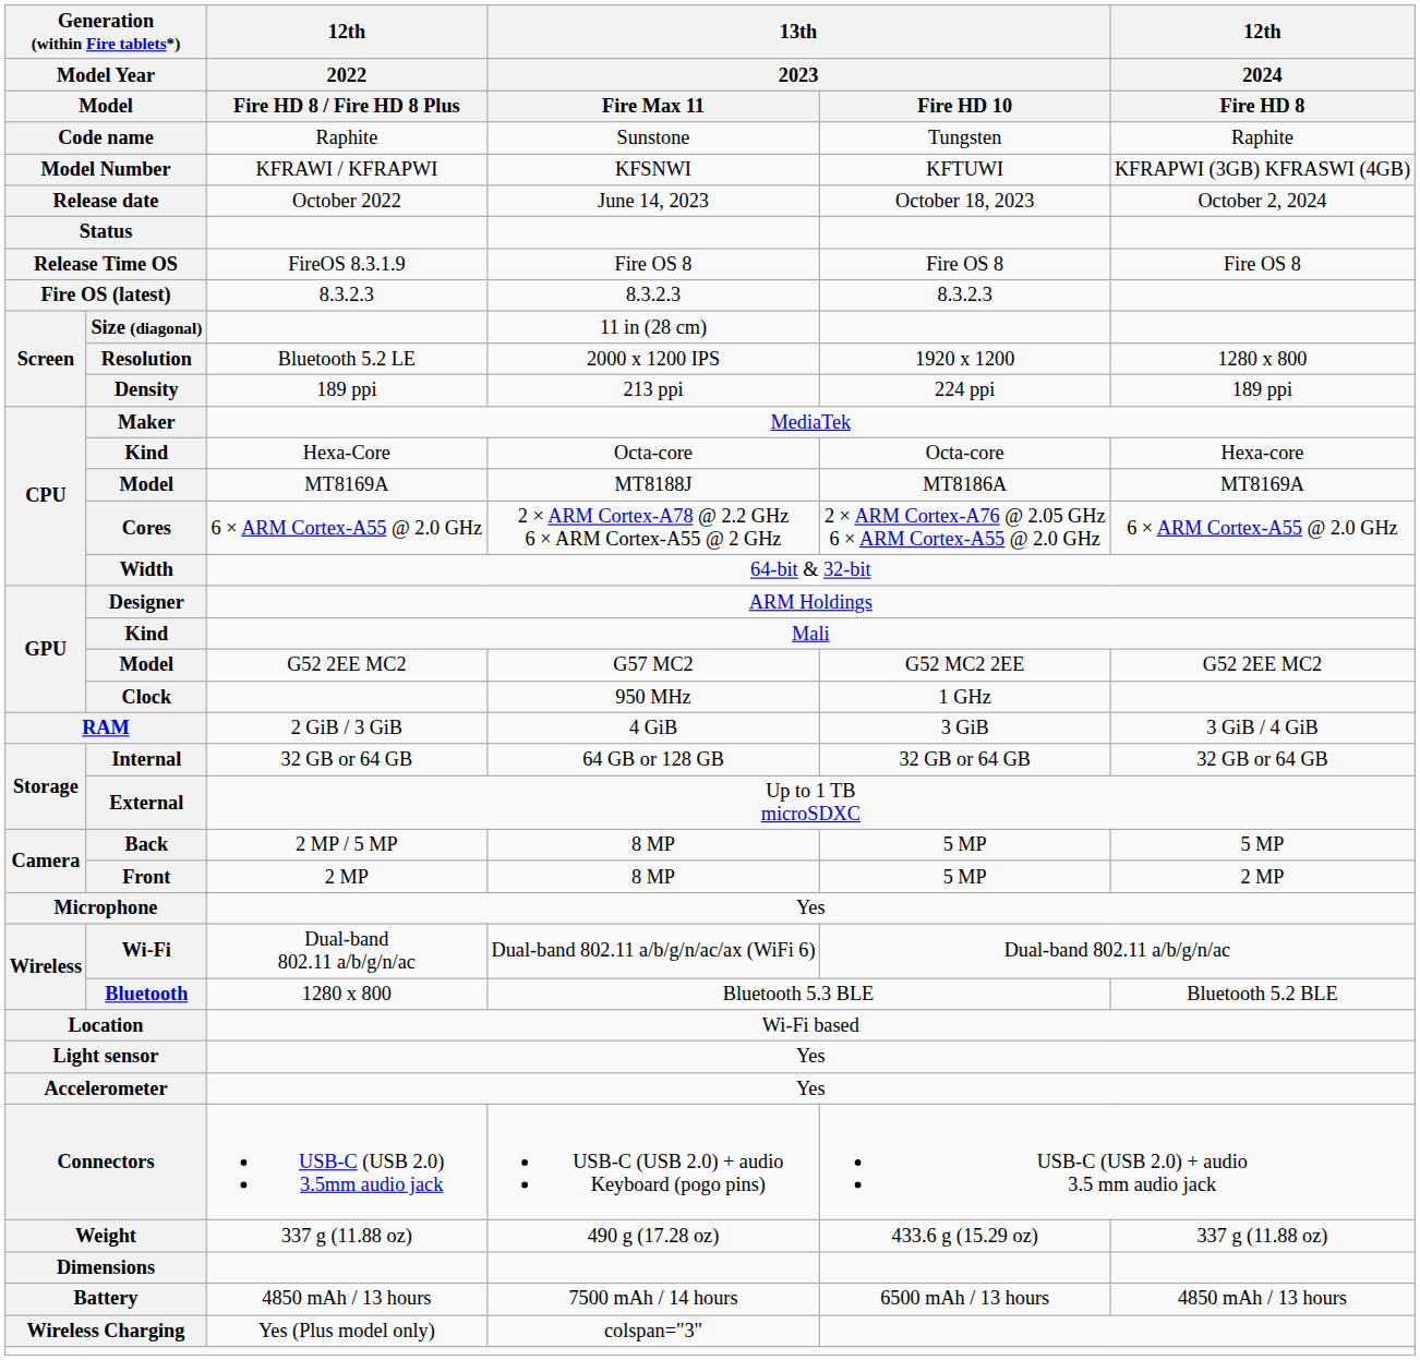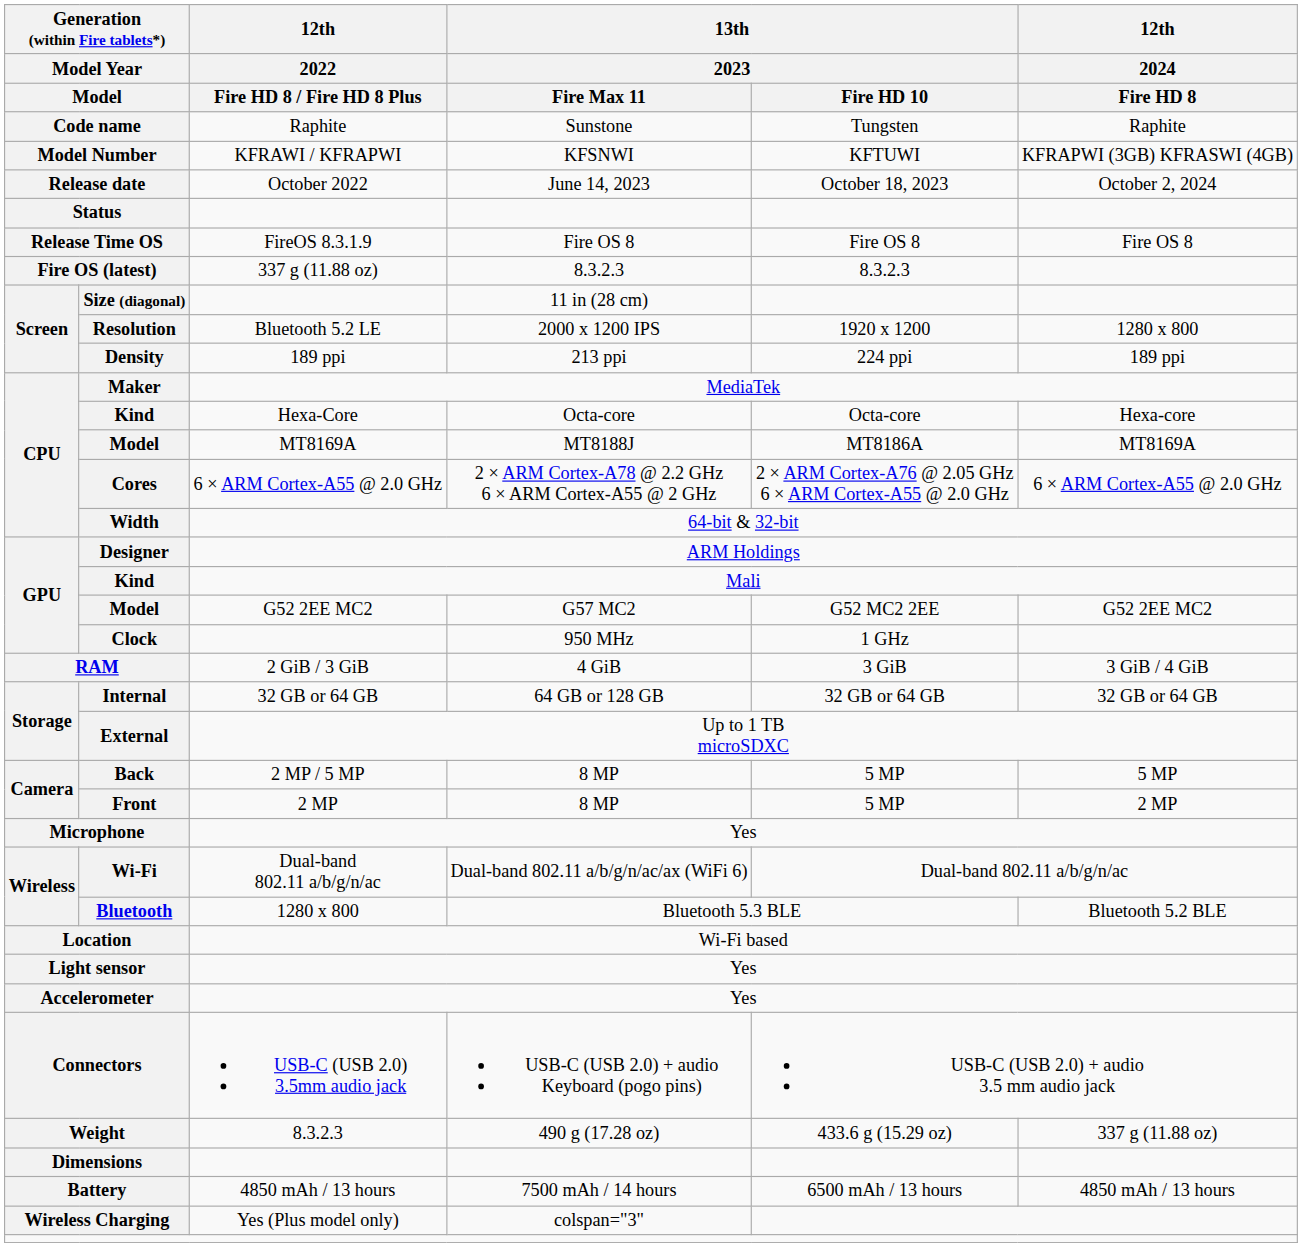 <table class="wikitable mw-collapsible" style="text-align:center;">
 <tr>
 <th colspan="2">Generation<br><small>(within <a href='#'>Fire tablets</a>*)</small></th>
 <th>12th</th>
 <th Colspan="2">13th</th>
 <th>12th</th>
 </tr>
 <tr>
 <th colspan="2">Model Year</th>
 <th>2022</th>
 <th Colspan="2">2023</th>
 <th>2024</th>
 </tr>
 <tr>
 <th colspan="2">Model</th>
 <th>Fire HD 8 / Fire HD 8 Plus</th>
 <th>Fire Max 11</th>
 <th>Fire HD 10</th>
 <th>Fire HD 8</th>
 </tr>
 <tr>
 <th colspan="2">Code name</th>
 <td>Raphite</td>
 <td>Sunstone</td>
 <td>Tungsten</td>
 <td>Raphite</td>
 </tr>
 <tr>
 <th colspan="2">Model Number</th>
 <td>KFRAWI / KFRAPWI</td>
 <td>KFSNWI</td>
 <td>KFTUWI</td>
 <td>KFRAPWI (3GB) KFRASWI (4GB)</td>
 </tr>
 <tr>
 <th colspan="2">Release date</th>
 <td>October 2022</td>
 <td>June 14, 2023</td>
 <td>October 18, 2023</td>
 <td>October 2, 2024</td>
 </tr>
 <tr>
 <th colspan="2">Status</th>
 <td></td>
 <td></td>
 <td></td>
 <td></td>
 </tr>
 <tr>
 <th colspan="2">Release Time OS</th>
 <td>FireOS 8.3.1.9</td>
 <td>Fire OS 8</td>
 <td>Fire OS 8</td>
 <td>Fire OS 8</td>
 </tr>
 <tr>
 <th colspan="2">Fire OS (latest)</th>
-<td>8.3.2.3</td>
+<td>337 g (11.88 oz)</td>
 <td>8.3.2.3</td>
 <td>8.3.2.3</td>
 <td></td>
 </tr>
 <tr>
 <th rowspan="3">Screen</th>
 <th colspan="1">Size <small>(diagonal)</small></th>
 <td></td>
 <td>11 in (28 cm)</td>
 <td></td>
 <td></td>
 </tr>
 <tr>
 <th colspan="1">Resolution</th>
 <td>Bluetooth 5.2 LE</td>
 <td>2000 x 1200 IPS</td>
 <td>1920 x 1200</td>
 <td>1280 x 800</td>
 </tr>
 <tr>
 <th colspan="1">Density</th>
 <td>189 ppi</td>
 <td>213 ppi</td>
 <td>224 ppi</td>
 <td>189 ppi</td>
 </tr>
 <tr>
 <th colspan="1" rowspan="5">CPU</th>
 <th colspan="1">Maker</th>
 <td colspan="4"><a href='#'>MediaTek</a></td>
 </tr>
 <tr>
 <th colspan="1">Kind</th>
 <td>Hexa-Core</td>
 <td>Octa-core</td>
 <td>Octa-core</td>
 <td>Hexa-core</td>
 </tr>
 <tr>
 <th colspan="1">Model</th>
 <td>MT8169A</td>
 <td>MT8188J</td>
 <td>MT8186A</td>
 <td>MT8169A</td>
 </tr>
 <tr>
 <th colspan="1">Cores</th>
 <td>6 × <a href='#'>ARM Cortex-A55</a> @ 2.0 GHz</td>
 <td>2 × <a href='#'>ARM Cortex-A78</a> @ 2.2 GHz<br>6 × ARM Cortex-A55 @ 2 GHz</td>
 <td>2 × <a href='#'>ARM Cortex-A76</a> @ 2.05 GHz<br>6 × <a href='#'>ARM Cortex-A55</a> @ 2.0 GHz</td>
 <td>6 × <a href='#'>ARM Cortex-A55</a> @ 2.0 GHz</td>
 </tr>
 <tr>
 <th colspan="1">Width</th>
 <td colspan="4"><a href='#'>64-bit</a> & <a href='#'>32-bit</a></td>
 </tr>
 <tr>
 <th colspan="1" rowspan="4">GPU</th>
 <th colspan="1">Designer</th>
 <td colspan="4"><a href='#'>ARM Holdings</a></td>
 </tr>
 <tr>
 <th colspan="1">Kind</th>
 <td colspan="5"><a href='#'>Mali</a></td>
 </tr>
 <tr>
 <th colspan="1">Model</th>
 <td>G52 2EE MC2</td>
 <td>G57 MC2</td>
 <td>G52 MC2 2EE</td>
 <td>G52 2EE MC2</td>
 </tr>
 <tr>
 <th colspan="1">Clock</th>
 <td></td>
 <td>950 MHz</td>
 <td>1 GHz</td>
 <td></td>
 </tr>
 <tr>
 <th colspan="2"><a href='#'>RAM</a></th>
 <td>2 GiB / 3 GiB</td>
 <td>4 GiB</td>
 <td>3 GiB</td>
 <td>3 GiB / 4 GiB</td>
 </tr>
 <tr>
 <th rowspan="2">Storage</th>
 <th rowspan="1">Internal</th>
 <td>32 GB or 64 GB</td>
 <td>64 GB or 128 GB</td>
 <td>32 GB or 64 GB</td>
 <td>32 GB or 64 GB</td>
 </tr>
 <tr>
 <th colspan="1">External</th>
 <td colspan="4">Up to 1 TB<br><a href='#'>microSDXC</a></td>
 </tr>
 <tr>
 <th colspan="1" rowspan="2">Camera</th>
 <th colspan="1">Back</th>
 <td>2 MP / 5 MP</td>
 <td>8 MP</td>
 <td>5 MP</td>
 <td>5 MP</td>
 </tr>
 <tr>
 <th colspan="1">Front</th>
 <td>2 MP</td>
 <td>8 MP</td>
 <td>5 MP</td>
 <td>2 MP</td>
 </tr>
 <tr>
 <th colspan="2">Microphone</th>
 <td colspan="4">Yes</td>
 </tr>
 <tr>
 <th colspan="1" rowspan="2">Wireless</th>
 <th>Wi-Fi</th>
 <td>Dual-band<br>802.11 a/b/g/n/ac</td>
 <td>Dual-band 802.11 a/b/g/n/ac/ax (WiFi 6)</td>
 <td colspan="2">Dual-band 802.11 a/b/g/n/ac</td>
 </tr>
 <tr>
 <th colspan="1"><a href='#'>Bluetooth</a></th>
 <td>1280 x 800</td>
 <td colspan="2">Bluetooth 5.3 BLE</td>
 <td>Bluetooth 5.2 BLE</td>
 </tr>
 <tr>
 <th colspan="2" rowspan="1">Location</th>
 <td colspan="4">Wi-Fi based</td>
 </tr>
 <tr>
 <th colspan="2">Light sensor</th>
 <td colspan="4">Yes</td>
 </tr>
 <tr>
 <th colspan="2">Accelerometer</th>
 <td colspan="4">Yes</td>
 </tr>
 <tr>
 <th colspan="2">Connectors</th>
 <td><br><ul><li><a href='#'>USB-C</a> (USB 2.0)</li><li><a href='#'>3.5mm audio jack</a></li></ul></td>
 <td><br><ul><li>USB-C (USB 2.0) + audio</li><li>Keyboard (pogo pins)</li></ul></td>
 <td colspan="2"><br><ul><li>USB-C (USB 2.0) + audio</li><li>3.5 mm audio jack</li></ul></td>
 </tr>
 <tr>
 <th colspan="2" rowspan="1">Weight</th>
-<td>337 g (11.88 oz)</td>
+<td>8.3.2.3</td>
 <td>490 g (17.28 oz)</td>
 <td>433.6 g (15.29 oz)</td>
 <td>337 g (11.88 oz)</td>
 </tr>
 <tr>
 <th colspan="2">Dimensions</th>
 <td></td>
 <td></td>
 <td></td>
 <td></td>
 </tr>
 <tr>
 <th colspan="2">Battery</th>
 <td>4850 mAh / 13 hours</td>
 <td>7500 mAh / 14 hours</td>
 <td>6500 mAh / 13 hours</td>
 <td>4850 mAh / 13 hours</td>
 </tr>
 <tr>
 <th colspan="2">Wireless Charging</th>
 <td>Yes (Plus model only)</td>
 <td>colspan="3" </td>
 </tr>
 <tr>
 <td colspan="6"><small></small></td>
 </tr>
 </table>
